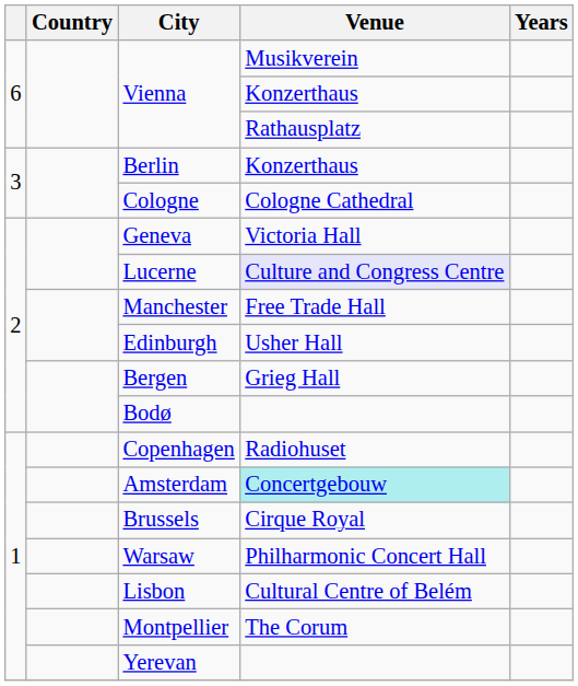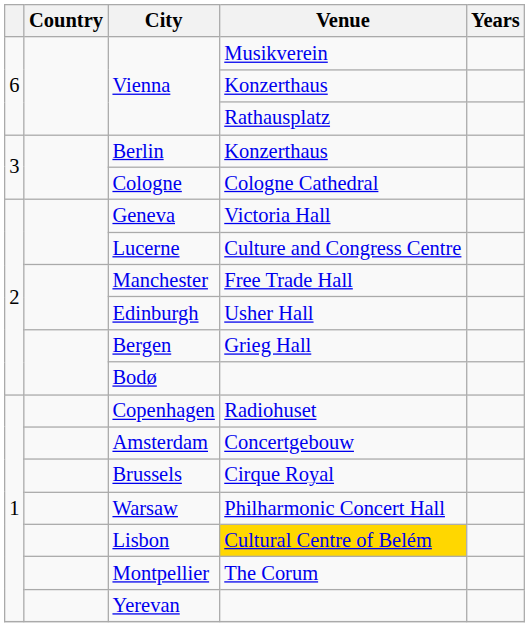 <table class="wikitable sortable">
 <tr>
 <th></th>
 <th>Country</th>
 <th>City</th>
 <th>Venue</th>
 <th>Years</th>
 </tr>
 <tr>
 <td style="text-align:center;" rowspan="3">6</td>
 <td rowspan="3"></td>
 <td rowspan="3"><a href='#'>Vienna</a></td>
 <td><a href='#'>Musikverein</a></td>
 <td></td>
 </tr>
 <tr>
 <td><a href='#'>Konzerthaus</a></td>
 <td></td>
 </tr>
 <tr>
 <td><a href='#'>Rathausplatz</a></td>
 <td></td>
 </tr>
 <tr>
 <td style="text-align:center;" rowspan="2">3</td>
 <td rowspan="2"></td>
 <td><a href='#'>Berlin</a></td>
 <td><a href='#'>Konzerthaus</a></td>
 <td></td>
 </tr>
 <tr>
 <td><a href='#'>Cologne</a></td>
 <td><a href='#'>Cologne Cathedral</a></td>
 <td></td>
 </tr>
 <tr>
 <td style="text-align:center;" rowspan="6">2</td>
 <td rowspan="2"></td>
 <td><a href='#'>Geneva</a></td>
 <td><a href='#'>Victoria Hall</a></td>
 <td></td>
 </tr>
 <tr>
 <td><a href='#'>Lucerne</a></td>
-<td style="background: lavender;"><a href='#'>Culture and Congress Centre</a></td>
+<td><a href='#'>Culture and Congress Centre</a></td>
 <td></td>
 </tr>
 <tr>
 <td rowspan="2"></td>
 <td><a href='#'>Manchester</a></td>
 <td><a href='#'>Free Trade Hall</a></td>
 <td></td>
 </tr>
 <tr>
 <td><a href='#'>Edinburgh</a></td>
 <td><a href='#'>Usher Hall</a></td>
 <td></td>
 </tr>
 <tr>
 <td rowspan="2"></td>
 <td><a href='#'>Bergen</a></td>
 <td><a href='#'>Grieg Hall</a></td>
 <td></td>
 </tr>
 <tr>
 <td><a href='#'>Bodø</a></td>
 <td></td>
 <td></td>
 </tr>
 <tr>
 <td style="text-align:center;" rowspan="7">1</td>
 <td></td>
 <td><a href='#'>Copenhagen</a></td>
 <td><a href='#'>Radiohuset</a></td>
 <td></td>
 </tr>
 <tr>
 <td></td>
 <td><a href='#'>Amsterdam</a></td>
-<td style="background: paleturquoise;"><a href='#'>Concertgebouw</a></td>
+<td><a href='#'>Concertgebouw</a></td>
 <td></td>
 </tr>
 <tr>
 <td></td>
 <td><a href='#'>Brussels</a></td>
 <td><a href='#'>Cirque Royal</a></td>
 <td></td>
 </tr>
 <tr>
 <td></td>
 <td><a href='#'>Warsaw</a></td>
 <td><a href='#'>Philharmonic Concert Hall</a></td>
 <td></td>
 </tr>
 <tr>
 <td></td>
 <td><a href='#'>Lisbon</a></td>
-<td><a href='#'>Cultural Centre of Belém</a></td>
+<td style="background: gold;"><a href='#'>Cultural Centre of Belém</a></td>
 <td></td>
 </tr>
 <tr>
 <td></td>
 <td><a href='#'>Montpellier</a></td>
 <td><a href='#'>The Corum</a></td>
 <td></td>
 </tr>
 <tr>
 <td></td>
 <td><a href='#'>Yerevan</a></td>
 <td></td>
 <td></td>
 </tr>
 <tr>
 </tr>
 </table>
